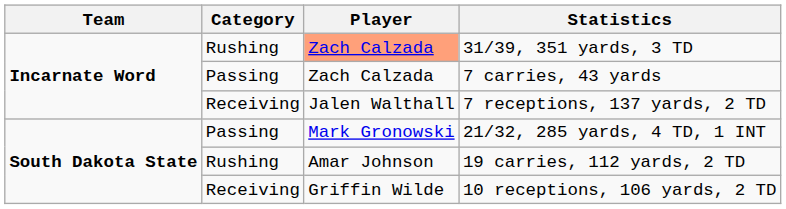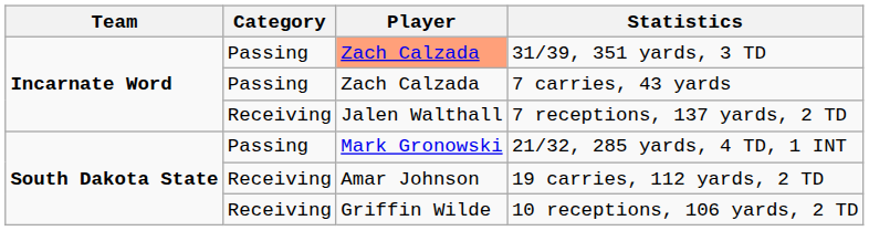 <table class="wikitable" style="float: right;">
 <tr>
 <th>Team</th>
 <th>Category</th>
 <th>Player</th>
 <th>Statistics</th>
 </tr>
 <tr>
 <td rowspan=3><strong>Incarnate Word</strong></td>
-<td>Rushing</td>
+<td>Passing</td>
 <td style="background: lightsalmon;"><a href='#'>Zach Calzada</a></td>
 <td>31/39, 351 yards, 3 TD</td>
 </tr>
 <tr>
 <td>Passing</td>
 <td>Zach Calzada</td>
 <td>7 carries, 43 yards</td>
 </tr>
 <tr>
 <td>Receiving</td>
 <td>Jalen Walthall</td>
 <td>7 receptions, 137 yards, 2 TD</td>
 </tr>
 <tr>
 <td rowspan=3><strong>South Dakota State</strong></td>
 <td>Passing</td>
 <td><a href='#'>Mark Gronowski</a></td>
 <td>21/32, 285 yards, 4 TD, 1 INT</td>
 </tr>
 <tr>
-<td>Rushing</td>
+<td>Receiving</td>
 <td>Amar Johnson</td>
 <td>19 carries, 112 yards, 2 TD</td>
 </tr>
 <tr>
 <td>Receiving</td>
 <td>Griffin Wilde</td>
 <td>10 receptions, 106 yards, 2 TD</td>
 </tr>
 </table>
